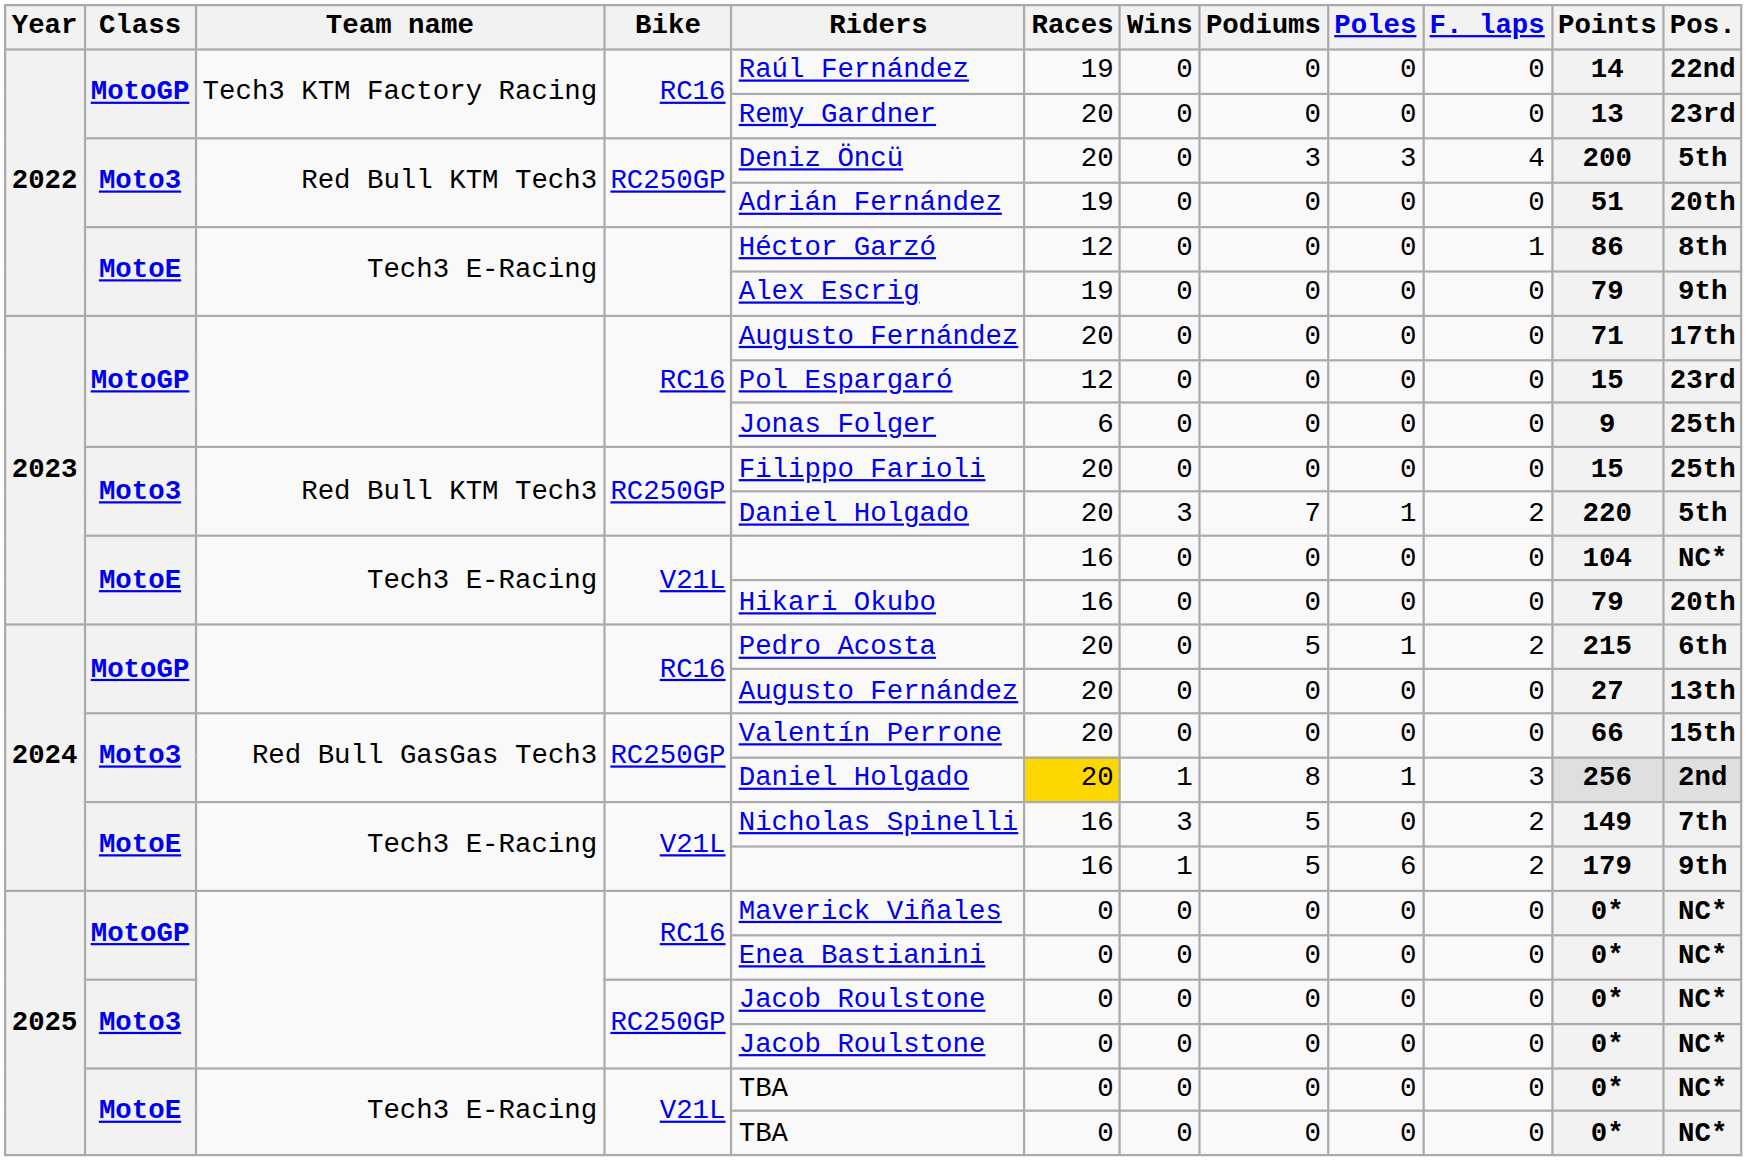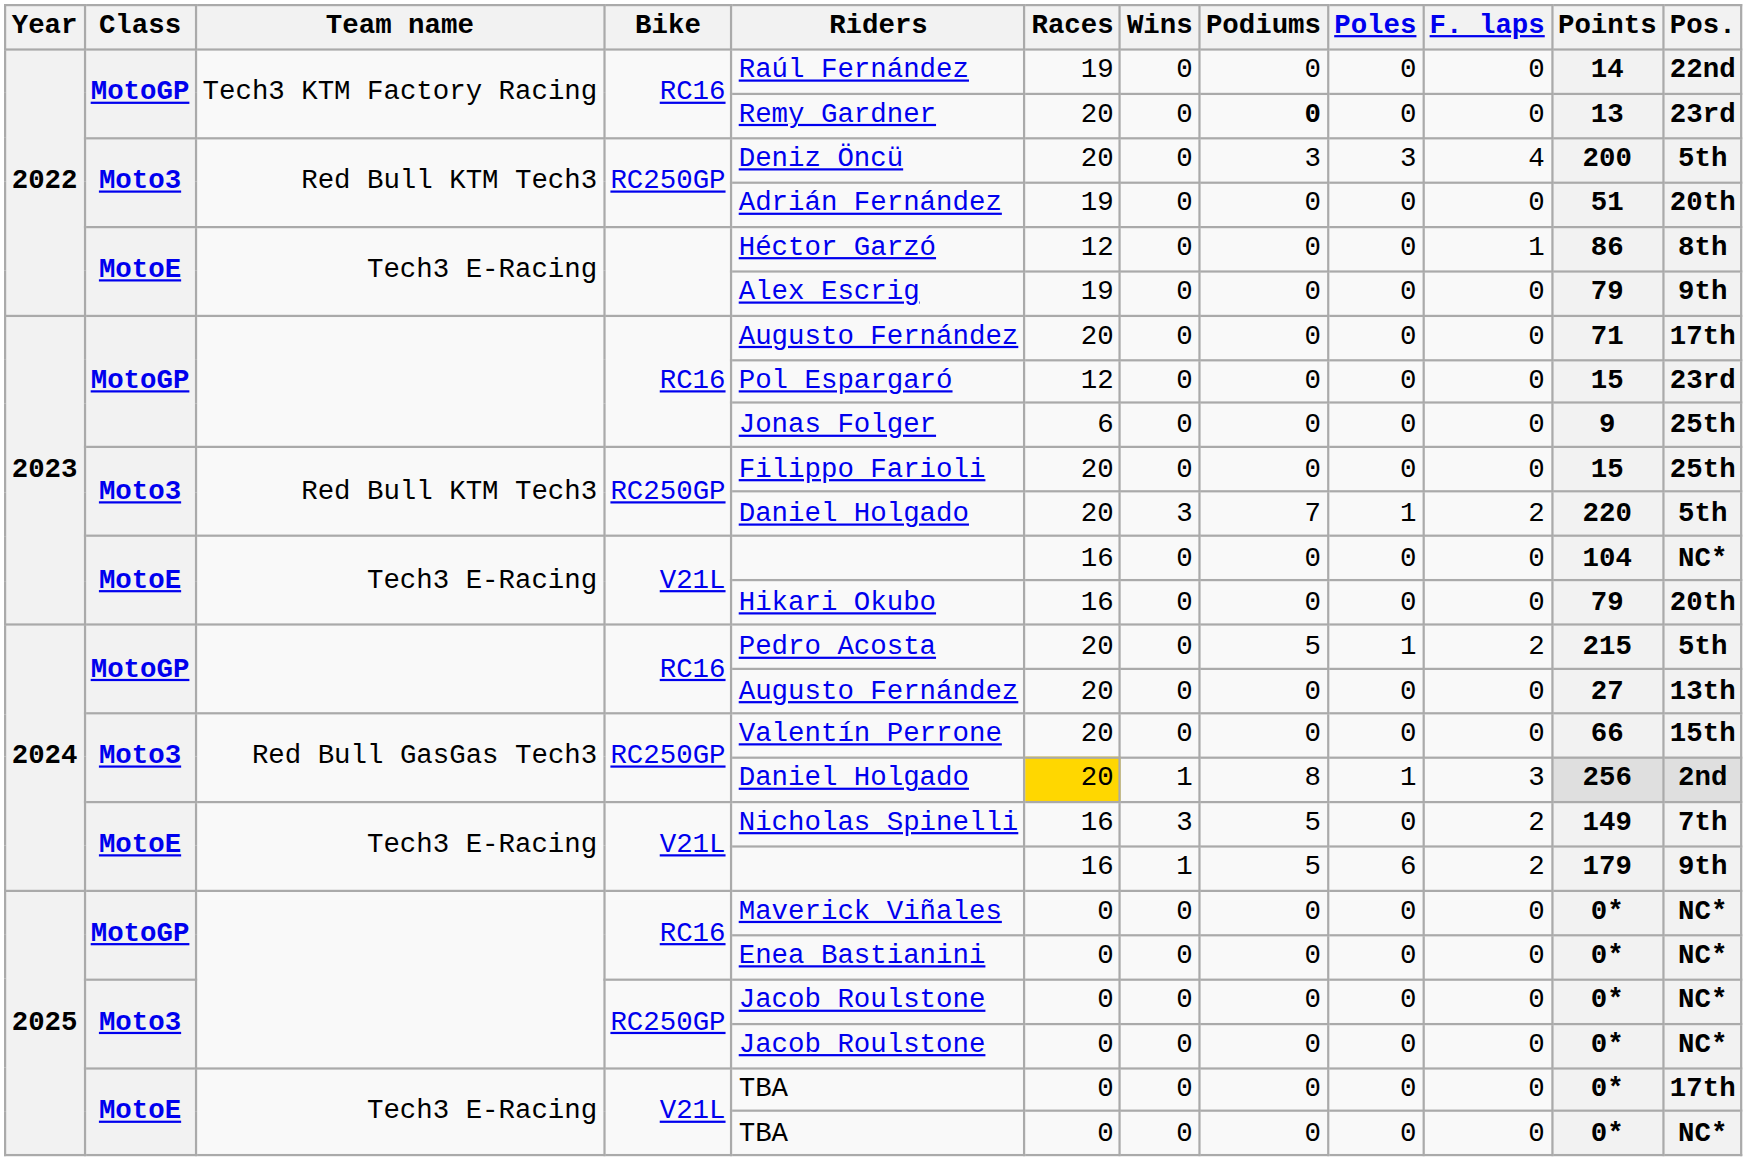 <table class="wikitable" style="text-align:right; font-size:95%">
 <tr>
 <th scope="col">Year</th>
 <th scope="col">Class</th>
 <th scope="col">Team name</th>
 <th scope="col">Bike</th>
 <th scope="col">Riders</th>
 <th scope="col">Races</th>
 <th scope="col">Wins</th>
 <th scope="col">Podiums</th>
 <th scope="col"><a href='#'>Poles</a></th>
 <th scope="col"><a href='#'>F. laps</a></th>
 <th scope="col">Points</th>
 <th scope="col">Pos.</th>
 </tr>
 <tr>
 <th rowspan="6">2022</th>
 <th rowspan="2"><a href='#'>MotoGP</a></th>
 <td rowspan="2">Tech3 KTM Factory Racing</td>
 <td rowspan="2"><a href='#'>RC16</a></td>
 <td align="left"> <a href='#'>Raúl Fernández</a></td>
 <td>19</td>
 <td>0</td>
 <td>0</td>
 <td>0</td>
 <td>0</td>
 <th>14</th>
 <th>22nd</th>
 </tr>
 <tr>
 <td align="left"> <a href='#'>Remy Gardner</a></td>
 <td>20</td>
 <td>0</td>
-<td>0</td>
+<td><strong>0</strong></td>
 <td>0</td>
 <td>0</td>
 <th>13</th>
 <th>23rd</th>
 </tr>
 <tr>
 <th rowspan="2"><a href='#'>Moto3</a></th>
 <td rowspan="2">Red Bull KTM Tech3</td>
 <td rowspan="2"><a href='#'>RC250GP</a></td>
 <td align="left"> <a href='#'>Deniz Öncü</a></td>
 <td>20</td>
 <td>0</td>
 <td>3</td>
 <td>3</td>
 <td>4</td>
 <th>200</th>
 <th>5th</th>
 </tr>
 <tr>
 <td align="left"> <a href='#'>Adrián Fernández</a></td>
 <td>19</td>
 <td>0</td>
 <td>0</td>
 <td>0</td>
 <td>0</td>
 <th>51</th>
 <th>20th</th>
 </tr>
 <tr>
 <th rowspan="2"><a href='#'>MotoE</a></th>
 <td rowspan="2">Tech3 E-Racing</td>
 <td rowspan="2"></td>
 <td align="left"> <a href='#'>Héctor Garzó</a></td>
 <td>12</td>
 <td>0</td>
 <td>0</td>
 <td>0</td>
 <td>1</td>
 <th>86</th>
 <th>8th</th>
 </tr>
 <tr>
 <td align="left"> <a href='#'>Alex Escrig</a></td>
 <td>19</td>
 <td>0</td>
 <td>0</td>
 <td>0</td>
 <td>0</td>
 <th>79</th>
 <th>9th</th>
 </tr>
 <tr>
 <th rowspan="7">2023</th>
 <th rowspan="3"><a href='#'>MotoGP</a></th>
 <td rowspan="3"></td>
 <td rowspan="3"><a href='#'>RC16</a></td>
 <td align="left"> <a href='#'>Augusto Fernández</a></td>
 <td>20</td>
 <td>0</td>
 <td>0</td>
 <td>0</td>
 <td>0</td>
 <th>71</th>
 <th>17th</th>
 </tr>
 <tr>
 <td align="left"> <a href='#'>Pol Espargaró</a></td>
 <td>12</td>
 <td>0</td>
 <td>0</td>
 <td>0</td>
 <td>0</td>
 <th>15</th>
 <th>23rd</th>
 </tr>
 <tr>
 <td align="left"> <a href='#'>Jonas Folger</a></td>
 <td>6</td>
 <td>0</td>
 <td>0</td>
 <td>0</td>
 <td>0</td>
 <th>9</th>
 <th>25th</th>
 </tr>
 <tr>
 <th rowspan="2"><a href='#'>Moto3</a></th>
 <td rowspan="2">Red Bull KTM Tech3</td>
 <td rowspan="2"><a href='#'>RC250GP</a></td>
 <td align="left"> <a href='#'>Filippo Farioli</a></td>
 <td>20</td>
 <td>0</td>
 <td>0</td>
 <td>0</td>
 <td>0</td>
 <th>15</th>
 <th>25th</th>
 </tr>
 <tr>
 <td align="left"> <a href='#'>Daniel Holgado</a></td>
 <td>20</td>
 <td>3</td>
 <td>7</td>
 <td>1</td>
 <td>2</td>
 <th style="background:#;">220</th>
 <th style="background:#;">5th</th>
 </tr>
 <tr>
 <th rowspan="2"><a href='#'>MotoE</a></th>
 <td rowspan="2">Tech3 E-Racing</td>
 <td rowspan="2"><a href='#'>V21L</a></td>
 <td align="left"></td>
 <td>16</td>
 <td>0</td>
 <td>0</td>
 <td>0</td>
 <td>0</td>
 <th>104</th>
 <th>NC*</th>
 </tr>
 <tr>
 <td align="left"> <a href='#'>Hikari Okubo</a></td>
 <td>16</td>
 <td>0</td>
 <td>0</td>
 <td>0</td>
 <td>0</td>
 <th>79</th>
 <th>20th</th>
 </tr>
 <tr>
 <th rowspan="6">2024</th>
 <th rowspan="2"><a href='#'>MotoGP</a></th>
 <td rowspan="2"></td>
 <td rowspan="2"><a href='#'>RC16</a></td>
 <td align="left"> <a href='#'>Pedro Acosta</a></td>
 <td>20</td>
 <td>0</td>
 <td>5</td>
 <td>1</td>
 <td>2</td>
 <th>215</th>
-<th>6th</th>
+<th>5th</th>
 </tr>
 <tr>
 <td align="left"> <a href='#'>Augusto Fernández</a></td>
 <td>20</td>
 <td>0</td>
 <td>0</td>
 <td>0</td>
 <td>0</td>
 <th>27</th>
 <th>13th</th>
 </tr>
 <tr>
 <th rowspan="2"><a href='#'>Moto3</a></th>
 <td rowspan="2">Red Bull GasGas Tech3</td>
 <td rowspan="2"><a href='#'>RC250GP</a></td>
 <td align="left"> <a href='#'>Valentín Perrone</a></td>
 <td>20</td>
 <td>0</td>
 <td>0</td>
 <td>0</td>
 <td>0</td>
 <th>66</th>
 <th>15th</th>
 </tr>
 <tr>
 <td align="left"> <a href='#'>Daniel Holgado</a></td>
 <td style="background: gold;">20</td>
 <td>1</td>
 <td>8</td>
 <td>1</td>
 <td>3</td>
 <th style="background:#dfdfdf;">256</th>
 <th style="background:#dfdfdf;">2nd</th>
 </tr>
 <tr>
 <th rowspan="2"><a href='#'>MotoE</a></th>
 <td rowspan="2">Tech3 E-Racing</td>
 <td rowspan="2"><a href='#'>V21L</a></td>
 <td align="left"> <a href='#'>Nicholas Spinelli</a></td>
 <td>16</td>
 <td>3</td>
 <td>5</td>
 <td>0</td>
 <td>2</td>
 <th>149</th>
 <th>7th</th>
 </tr>
 <tr>
 <td align="left"></td>
 <td>16</td>
 <td>1</td>
 <td>5</td>
 <td>6</td>
 <td>2</td>
 <th>179</th>
 <th>9th</th>
 </tr>
 <tr>
 <th rowspan="6">2025</th>
 <th rowspan="2"><a href='#'>MotoGP</a></th>
 <td rowspan="4"></td>
 <td rowspan="2"><a href='#'>RC16</a></td>
 <td align="left"> <a href='#'>Maverick Viñales</a></td>
 <td>0</td>
 <td>0</td>
 <td>0</td>
 <td>0</td>
 <td>0</td>
 <th>0*</th>
 <th>NC*</th>
 </tr>
 <tr>
 <td align="left"> <a href='#'>Enea Bastianini</a></td>
 <td>0</td>
 <td>0</td>
 <td>0</td>
 <td>0</td>
 <td>0</td>
 <th>0*</th>
 <th>NC*</th>
 </tr>
 <tr>
 <th rowspan="2"><a href='#'>Moto3</a></th>
 <td rowspan="2"><a href='#'>RC250GP</a></td>
 <td align="left"> <a href='#'>Jacob Roulstone</a></td>
 <td>0</td>
 <td>0</td>
 <td>0</td>
 <td>0</td>
 <td>0</td>
 <th>0*</th>
 <th>NC*</th>
 </tr>
 <tr>
 <td align="left"> <a href='#'>Jacob Roulstone</a></td>
 <td>0</td>
 <td>0</td>
 <td>0</td>
 <td>0</td>
 <td>0</td>
 <th style="background:#;">0*</th>
 <th style="background:#;">NC*</th>
 </tr>
 <tr>
 <th rowspan="2"><a href='#'>MotoE</a></th>
 <td rowspan="2">Tech3 E-Racing</td>
 <td rowspan="2"><a href='#'>V21L</a></td>
 <td align="left">TBA</td>
 <td>0</td>
 <td>0</td>
 <td>0</td>
 <td>0</td>
 <td>0</td>
 <th>0*</th>
-<th>NC*</th>
+<th>17th</th>
 </tr>
 <tr>
 <td align="left">TBA</td>
 <td>0</td>
 <td>0</td>
 <td>0</td>
 <td>0</td>
 <td>0</td>
 <th>0*</th>
 <th>NC*</th>
 </tr>
 </table>
